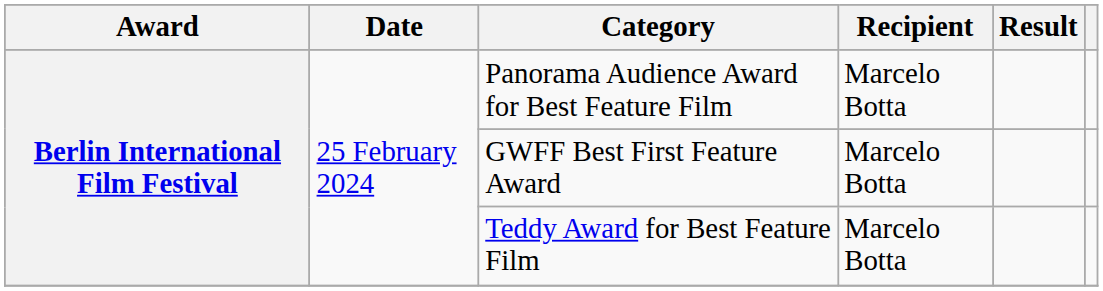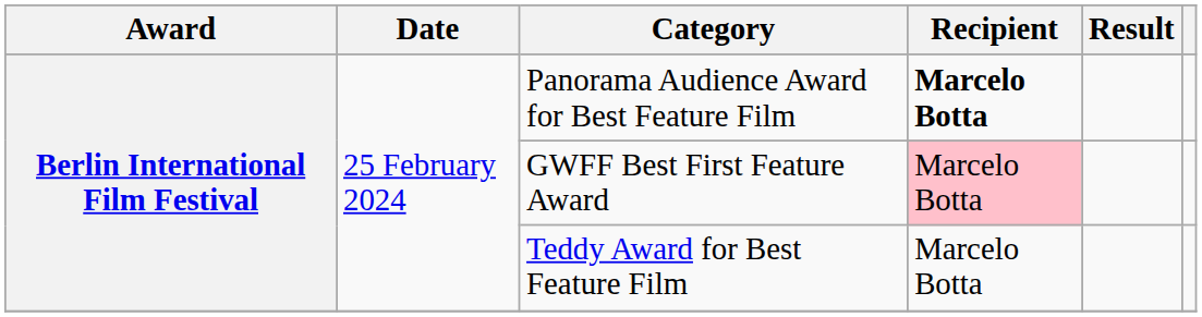 <table class="wikitable sortable plainrowheaders">
 <tr>
 <th>Award</th>
 <th>Date</th>
 <th>Category</th>
 <th>Recipient</th>
 <th>Result</th>
 <th></th>
 </tr>
 <tr>
 <th scope="row" rowspan=3><a href='#'>Berlin International Film Festival</a></th>
 <td rowspan=3><a href='#'>25 February 2024</a></td>
 <td>Panorama Audience Award for Best Feature Film</td>
-<td>Marcelo Botta</td>
+<td><strong>Marcelo Botta</strong></td>
 <td></td>
 <td align="center" rowspan="1"></td>
 </tr>
 <tr>
 <td>GWFF Best First Feature Award</td>
-<td>Marcelo Botta</td>
+<td style="background: pink;">Marcelo Botta</td>
 <td></td>
 <td align="center"></td>
 </tr>
 <tr>
 <td><a href='#'>Teddy Award</a> for Best Feature Film</td>
 <td>Marcelo Botta</td>
 <td></td>
 <td align="center" rowspan="1"></td>
 </tr>
 <tr>
 </tr>
 </table>
